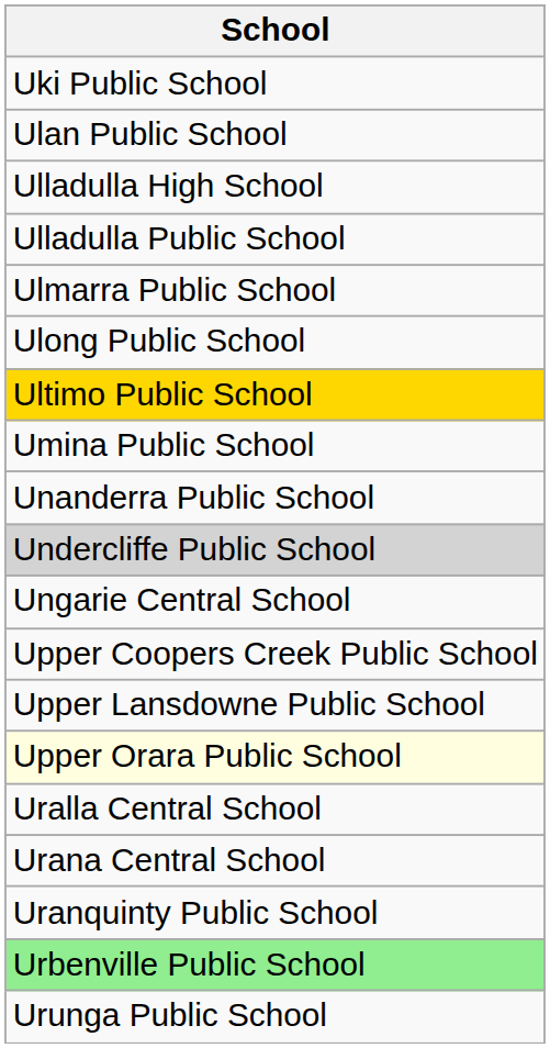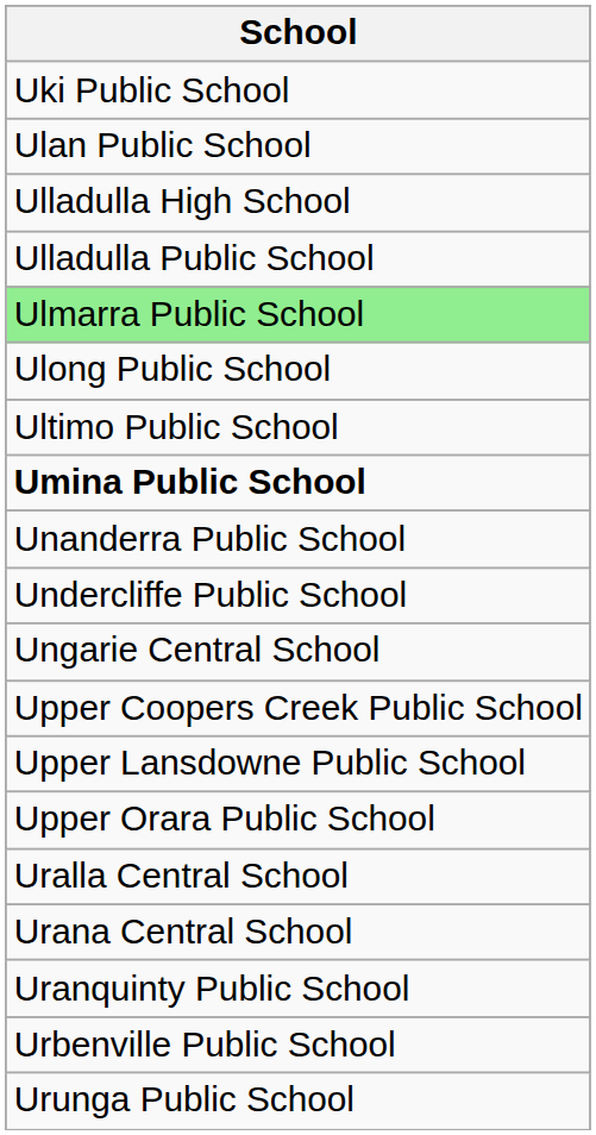 <table class="wikitable">
 <tr>
 <th>School</th>
 </tr>
 <tr>
 <td>Uki Public School</td>
 </tr>
 <tr>
 <td>Ulan Public School</td>
 </tr>
 <tr>
 <td>Ulladulla High School</td>
 </tr>
 <tr>
 <td>Ulladulla Public School</td>
 </tr>
 <tr>
-<td>Ulmarra Public School</td>
+<td style="background: lightgreen;">Ulmarra Public School</td>
 </tr>
 <tr>
 <td>Ulong Public School</td>
 </tr>
 <tr>
-<td style="background: gold;">Ultimo Public School</td>
+<td>Ultimo Public School</td>
 </tr>
 <tr>
-<td>Umina Public School</td>
+<td><strong>Umina Public School</strong></td>
 </tr>
 <tr>
 <td>Unanderra Public School</td>
 </tr>
 <tr>
-<td style="background: lightgrey;">Undercliffe Public School</td>
+<td>Undercliffe Public School</td>
 </tr>
 <tr>
 <td>Ungarie Central School</td>
 </tr>
 <tr>
 <td>Upper Coopers Creek Public School</td>
 </tr>
 <tr>
 <td>Upper Lansdowne Public School</td>
 </tr>
 <tr>
-<td style="background: lightyellow;">Upper Orara Public School</td>
+<td>Upper Orara Public School</td>
 </tr>
 <tr>
 <td>Uralla Central School</td>
 </tr>
 <tr>
 <td>Urana Central School</td>
 </tr>
 <tr>
 <td>Uranquinty Public School</td>
 </tr>
 <tr>
-<td style="background: lightgreen;">Urbenville Public School</td>
+<td>Urbenville Public School</td>
 </tr>
 <tr>
 <td>Urunga Public School</td>
 </tr>
 </table>
